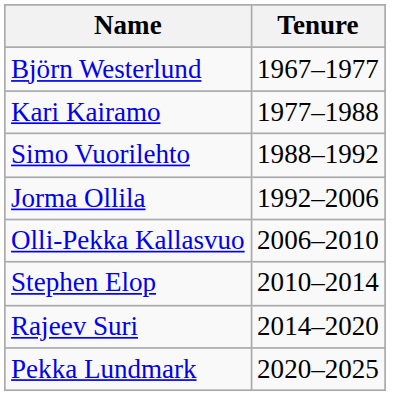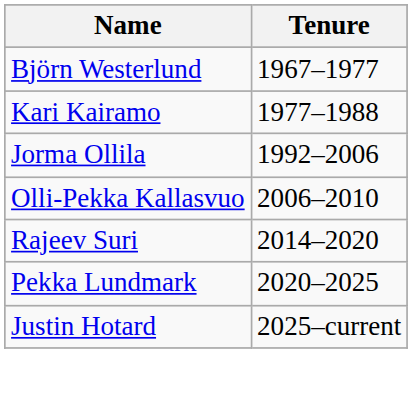 <table class="wikitable" style="display:inline-table;">
 <tr>
 <th>Name</th>
 <th>Tenure</th>
 </tr>
 <tr>
 <td><a href='#'>Björn Westerlund</a></td>
 <td>1967–1977</td>
 </tr>
 <tr>
 <td><a href='#'>Kari Kairamo</a></td>
 <td>1977–1988</td>
 </tr>
 <tr>
-<td><a href='#'>Simo Vuorilehto</a></td>
-<td>1988–1992</td>
-</tr>
-<tr>
 <td><a href='#'>Jorma Ollila</a></td>
 <td>1992–2006</td>
 </tr>
 <tr>
 <td><a href='#'>Olli-Pekka Kallasvuo</a></td>
 <td>2006–2010</td>
-</tr>
-<tr>
-<td><a href='#'>Stephen Elop</a></td>
-<td>2010–2014</td>
 </tr>
 <tr>
 <td><a href='#'>Rajeev Suri</a></td>
 <td>2014–2020</td>
 </tr>
 <tr>
 <td><a href='#'>Pekka Lundmark</a></td>
 <td>2020–2025</td>
 </tr>
+<tr>
+<td><a href='#'>Justin Hotard</a></td>
+<td>2025–current</td>
+</tr>
 </table>
